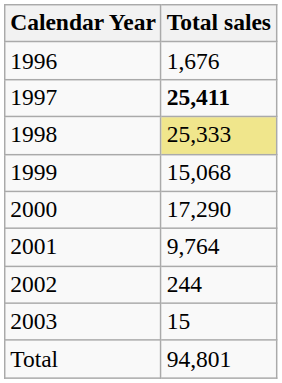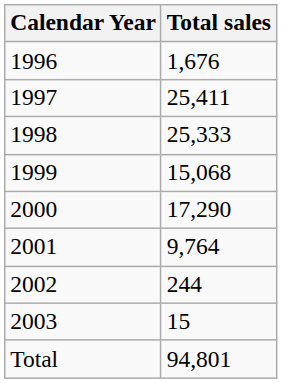 <table class="wikitable">
 <tr>
 <th>Calendar Year</th>
 <th>Total sales</th>
 </tr>
 <tr>
 <td>1996</td>
 <td>1,676</td>
 </tr>
 <tr>
 <td>1997</td>
-<td><strong>25,411</strong></td>
+<td>25,411</td>
 </tr>
 <tr>
 <td>1998</td>
-<td style="background: khaki;">25,333</td>
+<td>25,333</td>
 </tr>
 <tr>
 <td>1999</td>
 <td>15,068</td>
 </tr>
 <tr>
 <td>2000</td>
 <td>17,290</td>
 </tr>
 <tr>
 <td>2001</td>
 <td>9,764</td>
 </tr>
 <tr>
 <td>2002</td>
 <td>244</td>
 </tr>
 <tr>
 <td>2003</td>
 <td>15</td>
 </tr>
 <tr>
 <td>Total</td>
 <td>94,801</td>
 </tr>
 </table>
